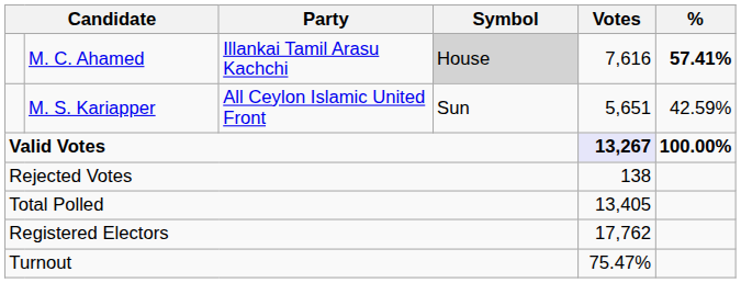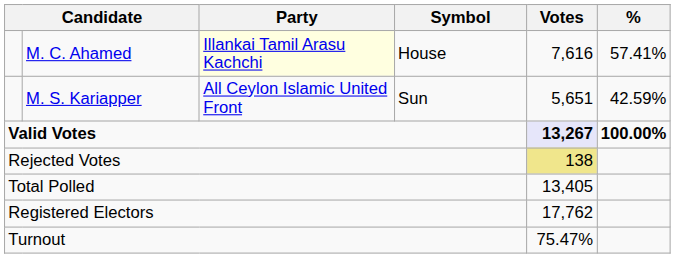 <table class="wikitable" border="1" style="text-align:right;">
 <tr>
 <th align=left colspan=2 width="180">Candidate</th>
 <th align=left width="180">Party</th>
 <th align=left width="120">Symbol</th>
 <th align=left width="60">Votes</th>
 <th align=left width="60">%</th>
 </tr>
 <tr>
 <td bgcolor=> </td>
 <td align=left><a href='#'>M. C. Ahamed</a></td>
-<td align=left><a href='#'>Illankai Tamil Arasu Kachchi</a></td>
-<td align=left style="background: lightgrey;">House</td>
+<td align=left style="background: lightyellow;"><a href='#'>Illankai Tamil Arasu Kachchi</a></td>
+<td align=left>House</td>
 <td>7,616</td>
-<td><strong>57.41%</strong></td>
+<td>57.41%</td>
 </tr>
 <tr>
 <td></td>
 <td align=left><a href='#'>M. S. Kariapper</a></td>
 <td align=left><a href='#'>All Ceylon Islamic United Front</a></td>
 <td align=left>Sun</td>
 <td>5,651</td>
 <td>42.59%</td>
 </tr>
 <tr>
 <td align=left colspan=4><strong>Valid Votes</strong></td>
 <td style="background: lavender;"><strong>13,267</strong></td>
 <td><strong>100.00%</strong></td>
 </tr>
 <tr>
 <td align=left colspan=4>Rejected Votes</td>
-<td>138</td>
+<td style="background: khaki;">138</td>
 <td></td>
 </tr>
 <tr>
 <td align=left colspan=4>Total Polled</td>
 <td>13,405</td>
 <td></td>
 </tr>
 <tr>
 <td align=left colspan=4>Registered Electors</td>
 <td>17,762</td>
 <td></td>
 </tr>
 <tr>
 <td align=left colspan=4>Turnout</td>
 <td>75.47%</td>
 <td></td>
 </tr>
 </table>
